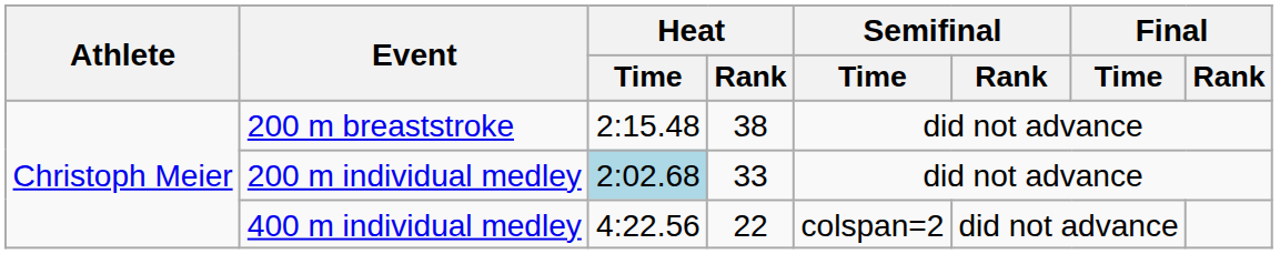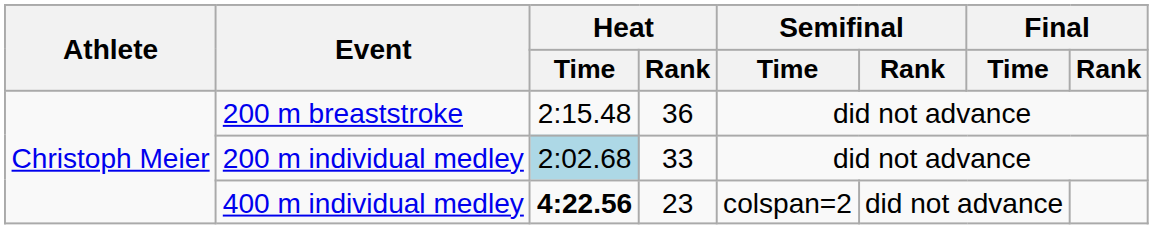 <table class="wikitable" style="text-align:center; font-size:90%">
 <tr>
 <th rowspan="2">Athlete</th>
 <th rowspan="2">Event</th>
 <th colspan="2">Heat</th>
 <th colspan="2">Semifinal</th>
 <th colspan="2">Final</th>
 </tr>
 <tr style="font-size:95%">
 <th>Time</th>
 <th>Rank</th>
 <th>Time</th>
 <th>Rank</th>
 <th>Time</th>
 <th>Rank</th>
 </tr>
 <tr>
 <td align=left rowspan=3><a href='#'>Christoph Meier</a></td>
 <td align=left><a href='#'>200 m breaststroke</a></td>
 <td>2:15.48</td>
-<td>38</td>
+<td>36</td>
 <td colspan=4>did not advance</td>
 </tr>
 <tr>
 <td align=left><a href='#'>200 m individual medley</a></td>
 <td style="background: lightblue;">2:02.68</td>
 <td>33</td>
 <td colspan=4>did not advance</td>
 </tr>
 <tr>
 <td align=left><a href='#'>400 m individual medley</a></td>
-<td>4:22.56</td>
-<td>22</td>
+<td><strong>4:22.56</strong></td>
+<td>23</td>
 <td>colspan=2 </td>
 <td colspan=2>did not advance</td>
 </tr>
 </table>
